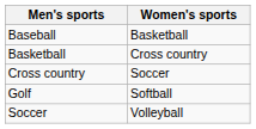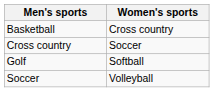 <table class="wikitable"; style= "text-align: ">
 <tr>
 <th width=150px>Men's sports</th>
 <th width=150px>Women's sports</th>
-</tr>
-<tr>
-<td>Baseball</td>
-<td>Basketball</td>
 </tr>
 <tr>
 <td>Basketball</td>
 <td>Cross country</td>
 </tr>
 <tr>
 <td>Cross country</td>
 <td>Soccer</td>
 </tr>
 <tr>
 <td>Golf</td>
 <td>Softball</td>
 </tr>
 <tr>
 <td>Soccer</td>
 <td>Volleyball</td>
 </tr>
 </table>
